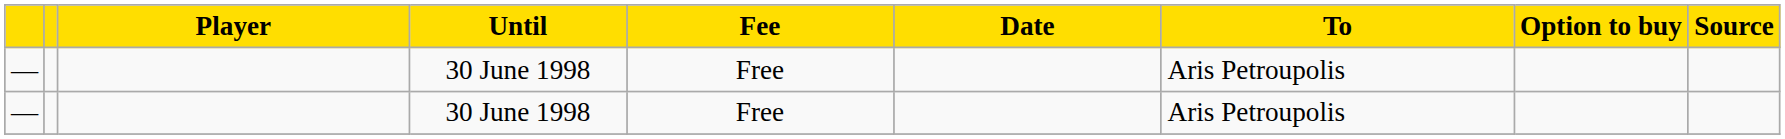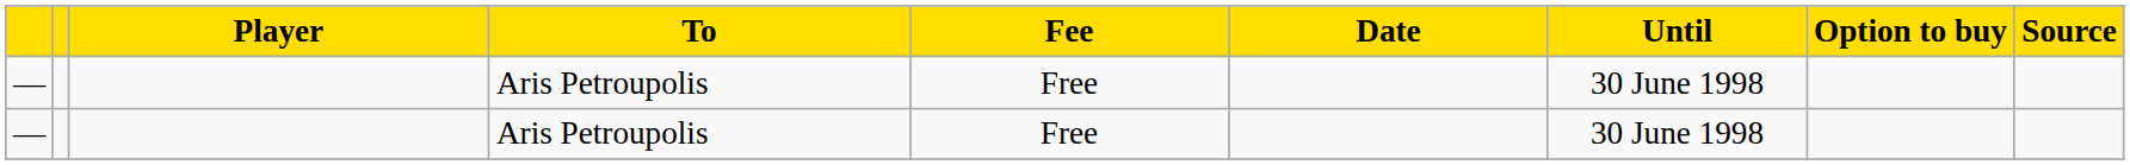 <table class="wikitable sortable">
 <tr>
 <th style="background:#FFDE00"></th>
 <th style="background:#FFDE00"></th>
 <th width=200 style="background:#FFDE00">Player</th>
-<th width=120 style="background:#FFDE00">Until</th>
+<th width=200 style="background:#FFDE00">To</th>
 <th width=150 style="background:#FFDE00">Fee</th>
 <th width=150 style="background:#FFDE00">Date</th>
-<th width=200 style="background:#FFDE00">To</th>
+<th width=120 style="background:#FFDE00">Until</th>
 <th style="background:#FFDE00">Option to buy</th>
 <th style="background:#FFDE00">Source</th>
 </tr>
 <tr>
 <td align=center>—</td>
 <td align=center></td>
 <td></td>
-<td align=center>30 June 1998</td>
+<td> Aris Petroupolis</td>
 <td align=center>Free</td>
 <td align=center></td>
-<td> Aris Petroupolis</td>
+<td align=center>30 June 1998</td>
 <td align=center></td>
 <td align=center></td>
 </tr>
 <tr>
 <td align=center>—</td>
 <td align=center></td>
 <td></td>
-<td align=center>30 June 1998</td>
+<td> Aris Petroupolis</td>
 <td align=center>Free</td>
 <td align=center></td>
-<td> Aris Petroupolis</td>
+<td align=center>30 June 1998</td>
 <td align=center></td>
 <td align=center></td>
 </tr>
 </table>
